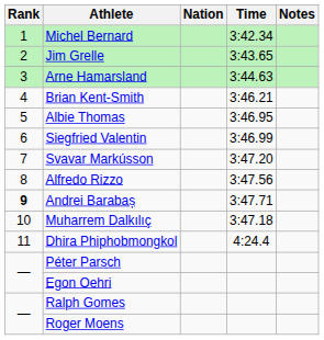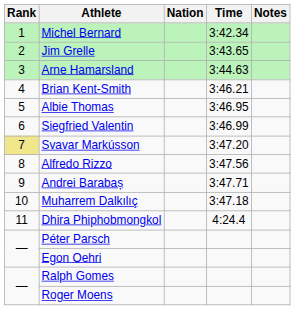 <table class="wikitable sortable" style="text-align:center">
 <tr>
 <th>Rank</th>
 <th>Athlete</th>
 <th>Nation</th>
 <th>Time</th>
 <th>Notes</th>
 </tr>
 <tr bgcolor=bbf3bb>
 <td>1</td>
 <td align=left><a href='#'>Michel Bernard</a></td>
 <td align=left></td>
 <td>3:42.34</td>
 <td></td>
 </tr>
 <tr bgcolor=bbf3bb>
 <td>2</td>
 <td align=left><a href='#'>Jim Grelle</a></td>
 <td align=left></td>
 <td>3:43.65</td>
 <td></td>
 </tr>
 <tr bgcolor=bbf3bb>
 <td>3</td>
 <td align=left><a href='#'>Arne Hamarsland</a></td>
 <td align=left></td>
 <td>3:44.63</td>
 <td></td>
 </tr>
 <tr>
 <td>4</td>
 <td align=left><a href='#'>Brian Kent-Smith</a></td>
 <td align=left></td>
 <td>3:46.21</td>
 <td></td>
 </tr>
 <tr>
 <td>5</td>
 <td align=left><a href='#'>Albie Thomas</a></td>
 <td align=left></td>
 <td>3:46.95</td>
 <td></td>
 </tr>
 <tr>
 <td>6</td>
 <td align=left><a href='#'>Siegfried Valentin</a></td>
 <td align=left></td>
 <td>3:46.99</td>
 <td></td>
 </tr>
 <tr>
-<td>7</td>
+<td style="background: khaki;">7</td>
 <td align=left><a href='#'>Svavar Markússon</a></td>
 <td align=left></td>
 <td>3:47.20</td>
 <td></td>
 </tr>
 <tr>
 <td>8</td>
 <td align=left><a href='#'>Alfredo Rizzo</a></td>
 <td align=left></td>
 <td>3:47.56</td>
 <td></td>
 </tr>
 <tr>
-<td><strong>9</strong></td>
+<td>9</td>
 <td align=left><a href='#'>Andrei Barabaș</a></td>
 <td align=left></td>
 <td>3:47.71</td>
 <td></td>
 </tr>
 <tr>
 <td>10</td>
 <td align=left><a href='#'>Muharrem Dalkılıç</a></td>
 <td align=left></td>
 <td>3:47.18</td>
 <td></td>
 </tr>
 <tr>
 <td>11</td>
 <td align=left><a href='#'>Dhira Phiphobmongkol</a></td>
 <td align=left></td>
 <td>4:24.4</td>
 <td></td>
 </tr>
 <tr>
 <td rowspan=2 data-sort-value=12>—</td>
 <td align=left><a href='#'>Péter Parsch</a></td>
 <td align=left></td>
 <td></td>
 <td></td>
 </tr>
 <tr>
 <td align=left><a href='#'>Egon Oehri</a></td>
 <td align=left></td>
 <td></td>
 <td></td>
 </tr>
 <tr>
 <td rowspan=2 data-sort-value=14>—</td>
 <td align=left><a href='#'>Ralph Gomes</a></td>
 <td align=left></td>
 <td></td>
 <td></td>
 </tr>
 <tr>
 <td align=left><a href='#'>Roger Moens</a></td>
 <td align=left></td>
 <td></td>
 <td></td>
 </tr>
 </table>
